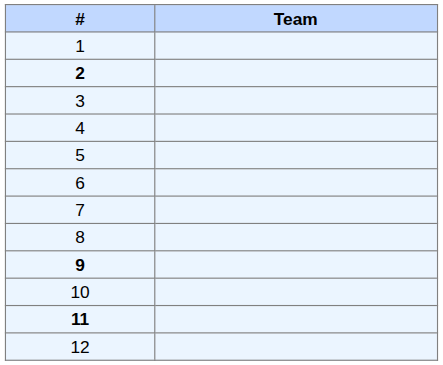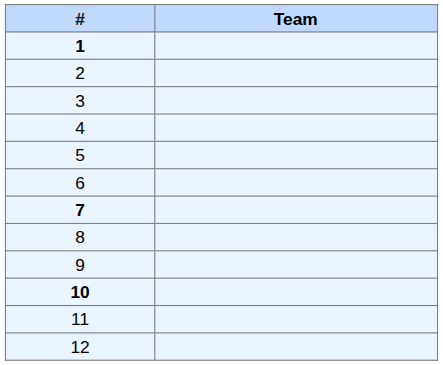 <table bgcolor="#f7f8ff" cellpadding="3" cellspacing="0" border="1" width="30%" style="margin:0 auto;font-size: 95%; border: gray solid 1px; border-collapse: collapse;">
 <tr bgcolor=#C1D8FF>
 <th>#</th>
 <th>Team</th>
 </tr>
 <tr align=left bgcolor=#EBF5FF>
-<td align=center> 1</td>
+<td align=center><strong> 1</strong></td>
 <td></td>
 </tr>
 <tr align=left bgcolor=#EBF5FF>
-<td align=center><strong> 2</strong></td>
+<td align=center> 2</td>
 <td></td>
 </tr>
 <tr align=left bgcolor=#EBF5FF>
 <td align=center> 3</td>
 <td></td>
 </tr>
 <tr align=left bgcolor=#EBF5FF>
 <td align=center>4</td>
 <td></td>
 </tr>
 <tr align=left bgcolor=#EBF5FF>
 <td align=center>5</td>
 <td></td>
 </tr>
 <tr align=left bgcolor=#EBF5FF>
 <td align=center>6</td>
 <td></td>
 </tr>
 <tr align=left bgcolor=#EBF5FF>
-<td align=center>7</td>
+<td align=center><strong>7</strong></td>
 <td></td>
 </tr>
 <tr align=left bgcolor=#EBF5FF>
 <td align=center>8</td>
 <td></td>
 </tr>
 <tr align=left bgcolor=#EBF5FF>
-<td align=center><strong>9</strong></td>
+<td align=center>9</td>
 <td></td>
 </tr>
 <tr align=left bgcolor=#EBF5FF>
-<td align=center>10</td>
+<td align=center><strong>10</strong></td>
 <td></td>
 </tr>
 <tr align=left bgcolor=#EBF5FF>
-<td align=center><strong>11</strong></td>
+<td align=center>11</td>
 <td></td>
 </tr>
 <tr align=left bgcolor=#EBF5FF>
 <td align=center>12</td>
 <td></td>
 </tr>
 </table>
